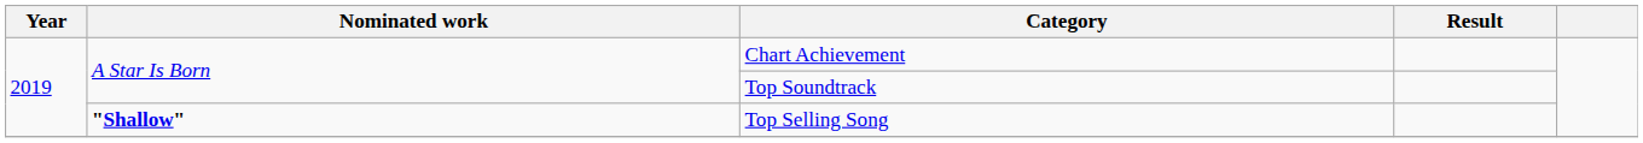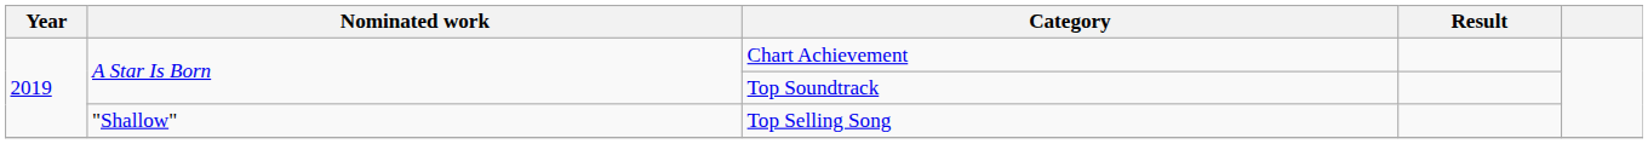 <table class="wikitable" style="width:100%;">
 <tr>
 <th width=5%>Year</th>
 <th style="width:40%;">Nominated work</th>
 <th style="width:40%;">Category</th>
 <th style="width:10%;">Result</th>
 <th width=5%></th>
 </tr>
 <tr>
 <td rowspan="3"><a href='#'>2019</a></td>
 <td rowspan="2"><em><a href='#'>A Star Is Born</a></em></td>
 <td><a href='#'>Chart Achievement</a></td>
 <td></td>
 <td rowspan="3" style="text-align:center;"></td>
 </tr>
 <tr>
 <td><a href='#'>Top Soundtrack</a></td>
 <td></td>
 </tr>
 <tr>
-<td><strong>"<a href='#'>Shallow</a>"</strong></td>
+<td>"<a href='#'>Shallow</a>"</td>
 <td><a href='#'>Top Selling Song</a></td>
 <td></td>
 </tr>
 <tr>
 </tr>
 </table>
